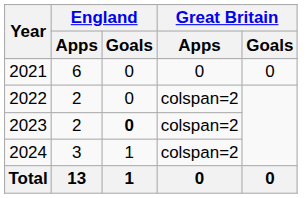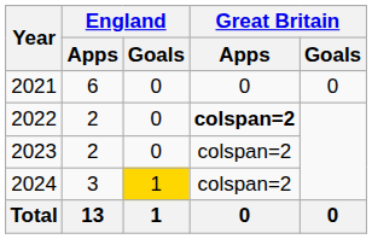 <table class="wikitable" style="text-align:center">
 <tr>
 <th rowspan=2>Year</th>
 <th colspan=2><a href='#'>England</a></th>
 <th colspan=2><a href='#'>Great Britain</a></th>
 </tr>
 <tr>
 <th>Apps</th>
 <th>Goals</th>
 <th>Apps</th>
 <th>Goals</th>
 </tr>
 <tr>
 <td>2021</td>
 <td>6</td>
 <td>0</td>
 <td>0</td>
 <td>0</td>
 </tr>
 <tr>
 <td>2022</td>
 <td>2</td>
 <td>0</td>
-<td>colspan=2</td>
+<td><strong>colspan=2</strong></td>
 </tr>
 <tr>
 <td>2023</td>
 <td>2</td>
-<td><strong>0</strong></td>
+<td>0</td>
 <td>colspan=2</td>
 </tr>
 <tr>
 <td>2024</td>
 <td>3</td>
-<td>1</td>
+<td style="background: gold;">1</td>
 <td>colspan=2</td>
 </tr>
 <tr>
 <th>Total</th>
 <th>13</th>
 <th>1</th>
 <th>0</th>
 <th>0</th>
 </tr>
 </table>
